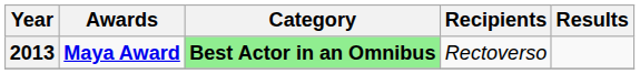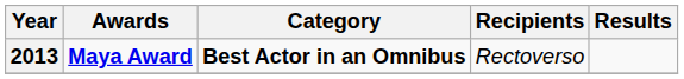 <table class="wikitable">
 <tr>
 <th>Year</th>
 <th>Awards</th>
 <th>Category</th>
 <th>Recipients</th>
 <th>Results</th>
 </tr>
 <tr>
 <th>2013</th>
 <td><strong><a href='#'>Maya Award</a></strong></td>
-<td style="background: lightgreen;"><strong>Best Actor in an Omnibus</strong></td>
+<td><strong>Best Actor in an Omnibus</strong></td>
 <td><em>Rectoverso</em></td>
 <td></td>
 </tr>
 <tr>
 </tr>
 </table>
